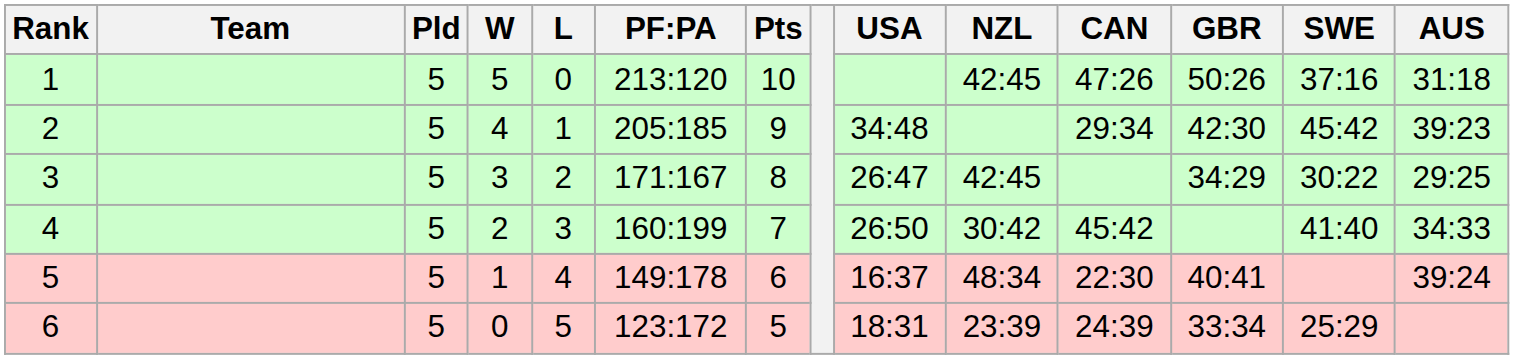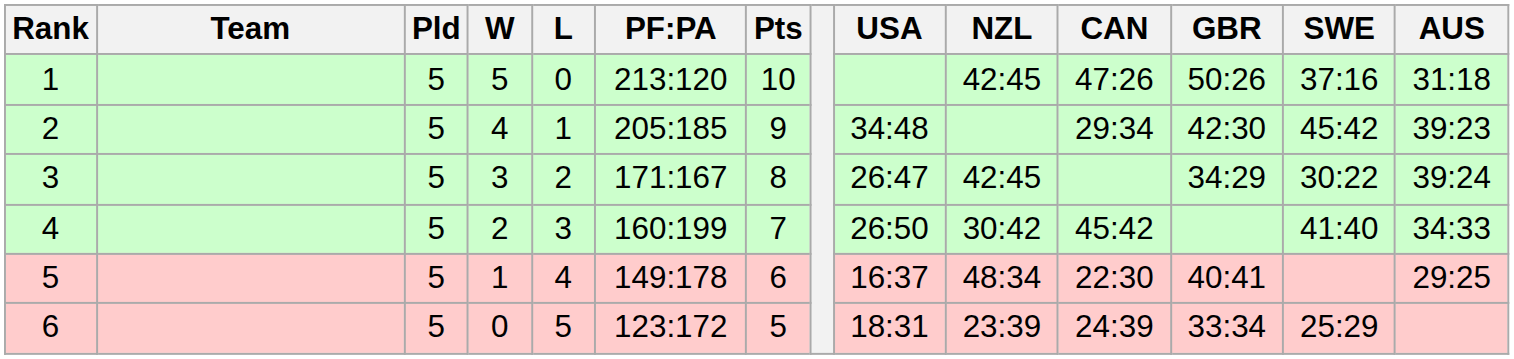 <table class="wikitable" style="text-align:center;">
 <tr>
 <th width=25>Rank</th>
 <th width=150>Team</th>
 <th width=25>Pld</th>
 <th width=25>W</th>
 <th width=25>L</th>
 <th width=70>PF:PA</th>
 <th width=25>Pts</th>
 <th rowspan="7"> </th>
 <th width=50>USA</th>
 <th width=50>NZL</th>
 <th width=50>CAN</th>
 <th width=50>GBR</th>
 <th width=50>SWE</th>
 <th width=50>AUS</th>
 </tr>
 <tr style="background:#ccffcc;">
 <td>1</td>
 <td align=left></td>
 <td>5</td>
 <td>5</td>
 <td>0</td>
 <td>213:120</td>
 <td>10</td>
 <td></td>
 <td>42:45</td>
 <td>47:26</td>
 <td>50:26</td>
 <td>37:16</td>
 <td>31:18</td>
 </tr>
 <tr style="background:#ccffcc;">
 <td>2</td>
 <td align=left></td>
 <td>5</td>
 <td>4</td>
 <td>1</td>
 <td>205:185</td>
 <td>9</td>
 <td>34:48</td>
 <td></td>
 <td>29:34</td>
 <td>42:30</td>
 <td>45:42</td>
 <td>39:23</td>
 </tr>
 <tr style="background:#ccffcc;">
 <td>3</td>
 <td align=left></td>
 <td>5</td>
 <td>3</td>
 <td>2</td>
 <td>171:167</td>
 <td>8</td>
 <td>26:47</td>
 <td>42:45</td>
 <td></td>
 <td>34:29</td>
 <td>30:22</td>
-<td>29:25</td>
+<td>39:24</td>
 </tr>
 <tr style="background:#ccffcc;">
 <td>4</td>
 <td align=left></td>
 <td>5</td>
 <td>2</td>
 <td>3</td>
 <td>160:199</td>
 <td>7</td>
 <td>26:50</td>
 <td>30:42</td>
 <td>45:42</td>
 <td></td>
 <td>41:40</td>
 <td>34:33</td>
 </tr>
 <tr style="background:#ffcccc;">
 <td>5</td>
 <td align=left></td>
 <td>5</td>
 <td>1</td>
 <td>4</td>
 <td>149:178</td>
 <td>6</td>
 <td>16:37</td>
 <td>48:34</td>
 <td>22:30</td>
 <td>40:41</td>
 <td></td>
-<td>39:24</td>
+<td>29:25</td>
 </tr>
 <tr style="background:#ffcccc;">
 <td>6</td>
 <td align=left></td>
 <td>5</td>
 <td>0</td>
 <td>5</td>
 <td>123:172</td>
 <td>5</td>
 <td>18:31</td>
 <td>23:39</td>
 <td>24:39</td>
 <td>33:34</td>
 <td>25:29</td>
 <td></td>
 </tr>
 </table>
